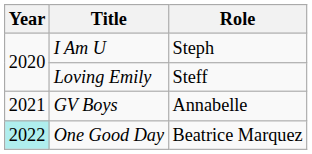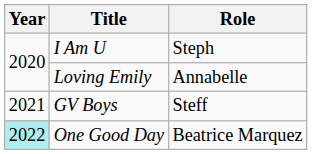 <table class="wikitable sortable">
 <tr>
 <th>Year</th>
 <th>Title</th>
 <th>Role</th>
 </tr>
 <tr>
 <td rowspan="2">2020</td>
 <td><em>I Am U</em></td>
 <td>Steph</td>
 </tr>
 <tr>
 <td><em>Loving Emily</em></td>
-<td>Steff</td>
+<td>Annabelle</td>
 </tr>
 <tr>
 <td>2021</td>
 <td><em>GV Boys</em></td>
-<td>Annabelle</td>
+<td>Steff</td>
 </tr>
 <tr>
 <td style="background: paleturquoise;">2022</td>
 <td><em>One Good Day</em></td>
 <td>Beatrice Marquez</td>
 </tr>
 </table>
